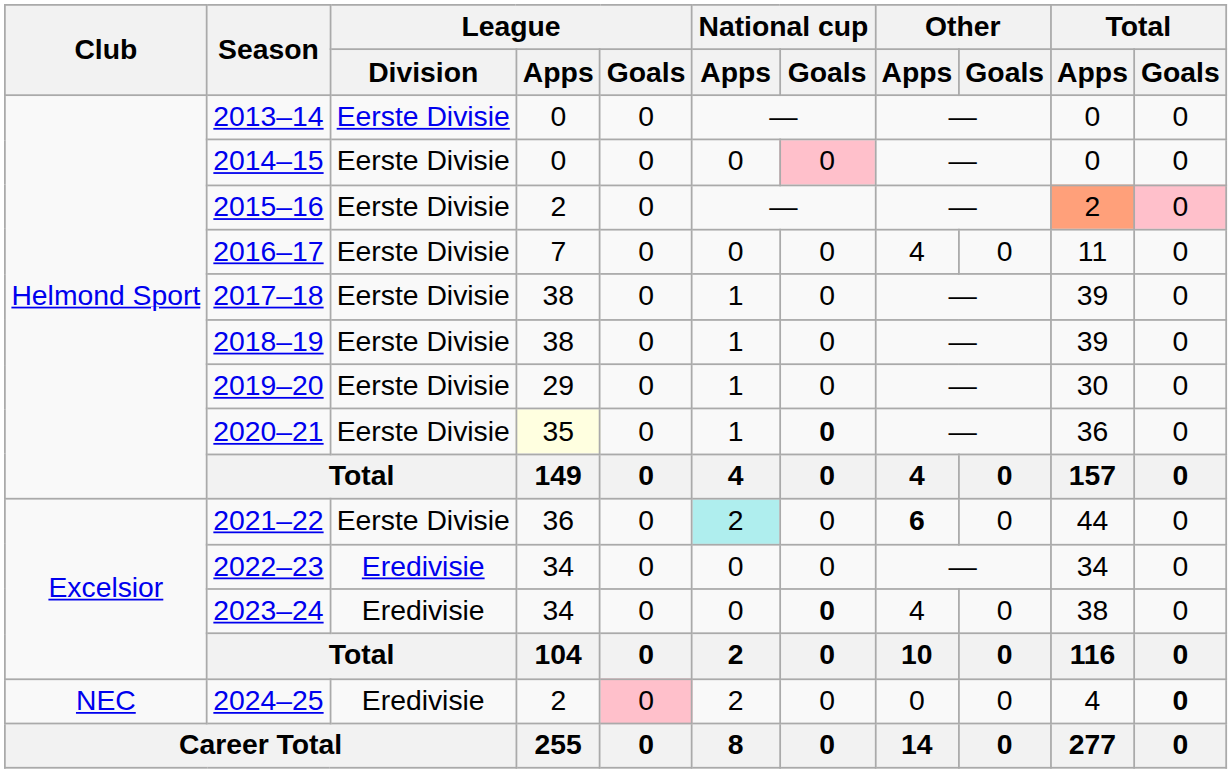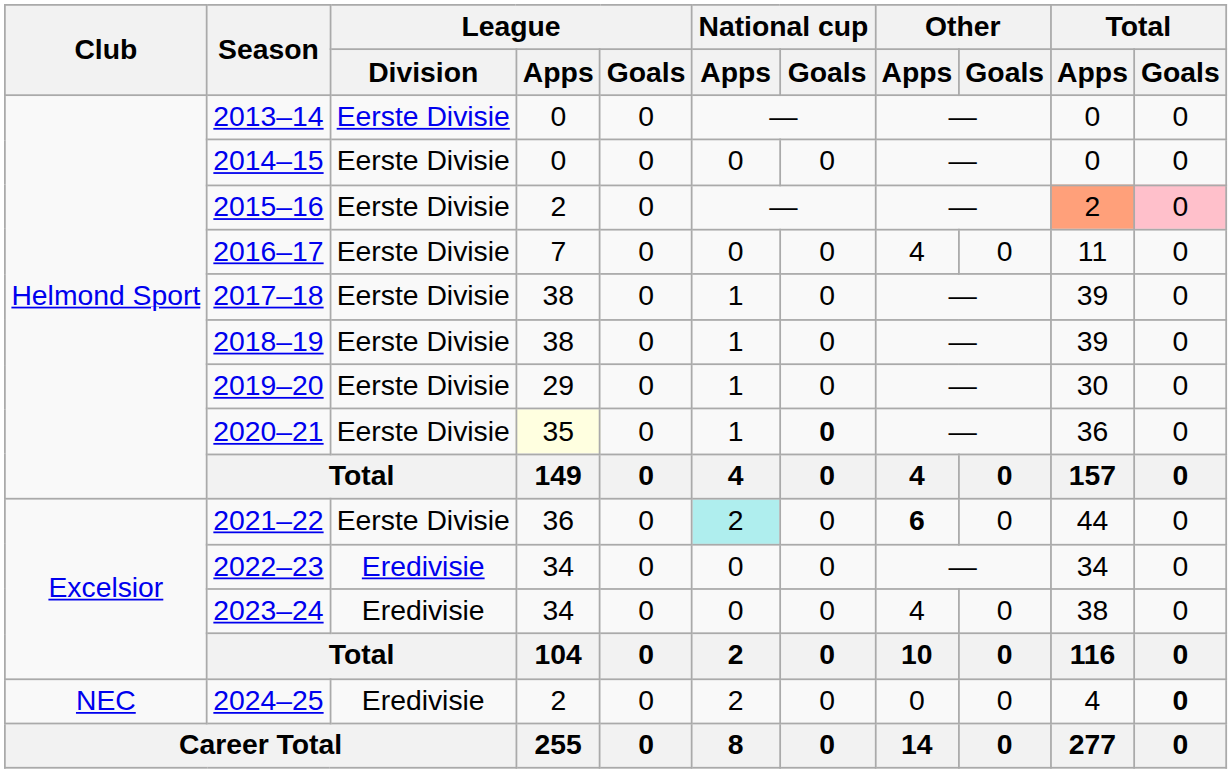 <table class="wikitable" style="text-align: center;">
 <tr>
 <th rowspan="2">Club</th>
 <th rowspan="2">Season</th>
 <th colspan="3">League</th>
 <th colspan="2">National cup</th>
 <th colspan="2">Other</th>
 <th colspan="2">Total</th>
 </tr>
 <tr>
 <th>Division</th>
 <th>Apps</th>
 <th>Goals</th>
 <th>Apps</th>
 <th>Goals</th>
 <th>Apps</th>
 <th>Goals</th>
 <th>Apps</th>
 <th>Goals</th>
 </tr>
 <tr>
 <td rowspan="9"><a href='#'>Helmond Sport</a></td>
 <td><a href='#'>2013–14</a></td>
 <td><a href='#'>Eerste Divisie</a></td>
 <td>0</td>
 <td>0</td>
 <td colspan="2">—</td>
 <td colspan="2">—</td>
 <td>0</td>
 <td>0</td>
 </tr>
 <tr>
 <td><a href='#'>2014–15</a></td>
 <td>Eerste Divisie</td>
 <td>0</td>
 <td>0</td>
 <td>0</td>
-<td style="background: pink;">0</td>
+<td>0</td>
 <td colspan="2">—</td>
 <td>0</td>
 <td>0</td>
 </tr>
 <tr>
 <td><a href='#'>2015–16</a></td>
 <td>Eerste Divisie</td>
 <td>2</td>
 <td>0</td>
 <td colspan="2">—</td>
 <td colspan="2">—</td>
 <td style="background: lightsalmon;">2</td>
 <td style="background: pink;">0</td>
 </tr>
 <tr>
 <td><a href='#'>2016–17</a></td>
 <td>Eerste Divisie</td>
 <td>7</td>
 <td>0</td>
 <td>0</td>
 <td>0</td>
 <td>4</td>
 <td>0</td>
 <td>11</td>
 <td>0</td>
 </tr>
 <tr>
 <td><a href='#'>2017–18</a></td>
 <td>Eerste Divisie</td>
 <td>38</td>
 <td>0</td>
 <td>1</td>
 <td>0</td>
 <td colspan="2">—</td>
 <td>39</td>
 <td>0</td>
 </tr>
 <tr>
 <td><a href='#'>2018–19</a></td>
 <td>Eerste Divisie</td>
 <td>38</td>
 <td>0</td>
 <td>1</td>
 <td>0</td>
 <td colspan="2">—</td>
 <td>39</td>
 <td>0</td>
 </tr>
 <tr>
 <td><a href='#'>2019–20</a></td>
 <td>Eerste Divisie</td>
 <td>29</td>
 <td>0</td>
 <td>1</td>
 <td>0</td>
 <td colspan="2">—</td>
 <td>30</td>
 <td>0</td>
 </tr>
 <tr>
 <td><a href='#'>2020–21</a></td>
 <td>Eerste Divisie</td>
 <td style="background: lightyellow;">35</td>
 <td>0</td>
 <td>1</td>
 <td><strong>0</strong></td>
 <td colspan="2">—</td>
 <td>36</td>
 <td>0</td>
 </tr>
 <tr>
 <th colspan="2">Total</th>
 <th>149</th>
 <th>0</th>
 <th>4</th>
 <th>0</th>
 <th>4</th>
 <th>0</th>
 <th>157</th>
 <th>0</th>
 </tr>
 <tr>
 <td rowspan="4"><a href='#'>Excelsior</a></td>
 <td><a href='#'>2021–22</a></td>
 <td>Eerste Divisie</td>
 <td>36</td>
 <td>0</td>
 <td style="background: paleturquoise;">2</td>
 <td>0</td>
 <td><strong>6</strong></td>
 <td>0</td>
 <td>44</td>
 <td>0</td>
 </tr>
 <tr>
 <td><a href='#'>2022–23</a></td>
 <td><a href='#'>Eredivisie</a></td>
 <td>34</td>
 <td>0</td>
 <td>0</td>
 <td>0</td>
 <td colspan="2">—</td>
 <td>34</td>
 <td>0</td>
 </tr>
 <tr>
 <td><a href='#'>2023–24</a></td>
 <td>Eredivisie</td>
 <td>34</td>
 <td>0</td>
 <td>0</td>
-<td><strong>0</strong></td>
+<td>0</td>
 <td>4</td>
 <td>0</td>
 <td>38</td>
 <td>0</td>
 </tr>
 <tr>
 <th colspan="2">Total</th>
 <th>104</th>
 <th>0</th>
 <th>2</th>
 <th>0</th>
 <th>10</th>
 <th>0</th>
 <th>116</th>
 <th>0</th>
 </tr>
 <tr>
 <td><a href='#'>NEC</a></td>
 <td><a href='#'>2024–25</a></td>
 <td>Eredivisie</td>
 <td>2</td>
-<td style="background: pink;">0</td>
+<td>0</td>
 <td>2</td>
 <td>0</td>
 <td>0</td>
 <td>0</td>
 <td>4</td>
 <td><strong>0</strong></td>
 </tr>
 <tr>
 <th colspan="3">Career Total</th>
 <th>255</th>
 <th>0</th>
 <th>8</th>
 <th>0</th>
 <th>14</th>
 <th>0</th>
 <th>277</th>
 <th>0</th>
 </tr>
 </table>
